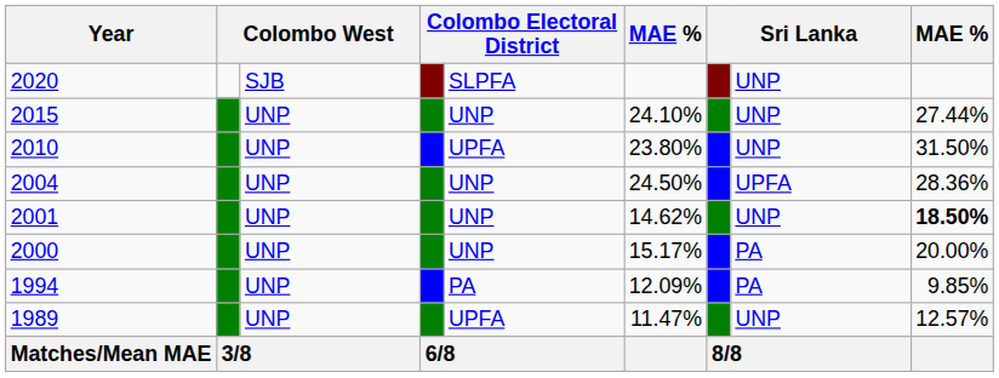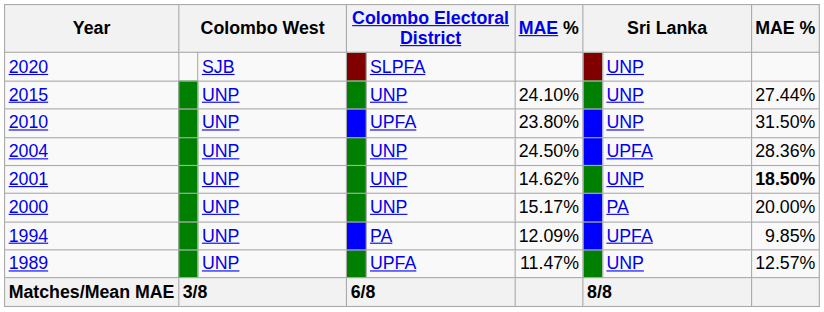 <table class="wikitable">
 <tr>
 <th>Year</th>
 <th colspan="2" width="144px">Colombo West</th>
 <th colspan="2" width="144px"><a href='#'>Colombo Electoral District</a></th>
 <th><a href='#'>MAE</a> %</th>
 <th colspan="2" width="144px">Sri Lanka</th>
 <th>MAE %</th>
 </tr>
 <tr>
 <td><a href='#'>2020</a></td>
 <td style="background-color:"></td>
 <td style="text-align:left;"><a href='#'>SJB</a></td>
 <td style="background-color:maroon;" width="10px"></td>
 <td style="text-align:left;"><a href='#'>SLPFA</a></td>
 <td style="text-align:right;"></td>
 <td style="background-color:maroon;" width="10px"></td>
 <td style="text-align:left;"><a href='#'>UNP</a></td>
 <td style="text-align:right;"></td>
 </tr>
 <tr>
 <td><a href='#'>2015</a></td>
 <td style="background-color:green;" width="10px"></td>
 <td style="text-align:left;"><a href='#'>UNP</a></td>
 <td style="background-color:green;" width="10px"></td>
 <td style="text-align:left;"><a href='#'>UNP</a></td>
 <td style="text-align:right;">24.10%</td>
 <td style="background-color:green;" width="10px"></td>
 <td style="text-align:left;"><a href='#'>UNP</a></td>
 <td style="text-align:right;">27.44%</td>
 </tr>
 <tr>
 <td><a href='#'>2010</a></td>
 <td style="background-color:green;" width="10px"></td>
 <td style="text-align:left;"><a href='#'>UNP</a></td>
 <td style="background-color:blue;" width="10px"></td>
 <td style="text-align:left;"><a href='#'>UPFA</a></td>
 <td style="text-align:right;">23.80%</td>
 <td style="background-color:blue;" width="10px"></td>
 <td style="text-align:left;"><a href='#'>UNP</a></td>
 <td style="text-align:right;">31.50%</td>
 </tr>
 <tr>
 <td><a href='#'>2004</a></td>
 <td style="background-color:green;" width="10px"></td>
 <td style="text-align:left;"><a href='#'>UNP</a></td>
 <td style="background-color:green;" width="10px"></td>
 <td style="text-align:left;"><a href='#'>UNP</a></td>
 <td style="text-align:right;">24.50%</td>
 <td style="background-color:blue;" width="10px"></td>
 <td style="text-align:left;"><a href='#'>UPFA</a></td>
 <td style="text-align:right;">28.36%</td>
 </tr>
 <tr>
 <td><a href='#'>2001</a></td>
 <td style="background-color:green;" width="10px"></td>
 <td style="text-align:left;"><a href='#'>UNP</a></td>
 <td style="background-color:green;" width="10px"></td>
 <td style="text-align:left;"><a href='#'>UNP</a></td>
 <td style="text-align:right;">14.62%</td>
 <td style="background-color:green;" width="10px"></td>
 <td style="text-align:left;"><a href='#'>UNP</a></td>
 <td style="text-align:right;"><strong>18.50%</strong></td>
 </tr>
 <tr>
 <td><a href='#'>2000</a></td>
 <td style="background-color:green;" width="10px"></td>
 <td style="text-align:left;"><a href='#'>UNP</a></td>
 <td style="background-color:green;" width="10px"></td>
 <td style="text-align:left;"><a href='#'>UNP</a></td>
 <td style="text-align:right;">15.17%</td>
 <td style="background-color:blue;" width="10px"></td>
 <td style="text-align:left;"><a href='#'>PA</a></td>
 <td style="text-align:right;">20.00%</td>
 </tr>
 <tr>
 <td><a href='#'>1994</a></td>
 <td style="background-color:green;" width="10px"></td>
 <td style="text-align:left;"><a href='#'>UNP</a></td>
 <td style="background-color:blue;" width="10px"></td>
 <td style="text-align:left;"><a href='#'>PA</a></td>
 <td style="text-align:right;">12.09%</td>
 <td style="background-color:blue;" width="10px"></td>
-<td style="text-align:left;"><a href='#'>PA</a></td>
+<td style="text-align:left;"><a href='#'>UPFA</a></td>
 <td style="text-align:right;">9.85%</td>
 </tr>
 <tr>
 <td><a href='#'>1989</a></td>
 <td style="background-color:green;" width="10px"></td>
 <td style="text-align:left;"><a href='#'>UNP</a></td>
 <td style="background-color:green;" width="10px"></td>
 <td style="text-align:left;"><a href='#'>UPFA</a></td>
 <td style="text-align:right;">11.47%</td>
 <td style="background-color:green;" width="10px"></td>
 <td style="text-align:left;"><a href='#'>UNP</a></td>
 <td style="text-align:right;">12.57%</td>
 </tr>
 <tr>
 <th>Matches/Mean MAE</th>
 <th style="text-align:left;"colspan="2" width="144px">3/8</th>
 <th style="text-align:left;"colspan="2" width="144px">6/8</th>
 <th style="text-align:right;"></th>
 <th style="text-align:left;"colspan="2" width="144px">8/8</th>
 <th style="text-align:right;"></th>
 </tr>
 </table>
